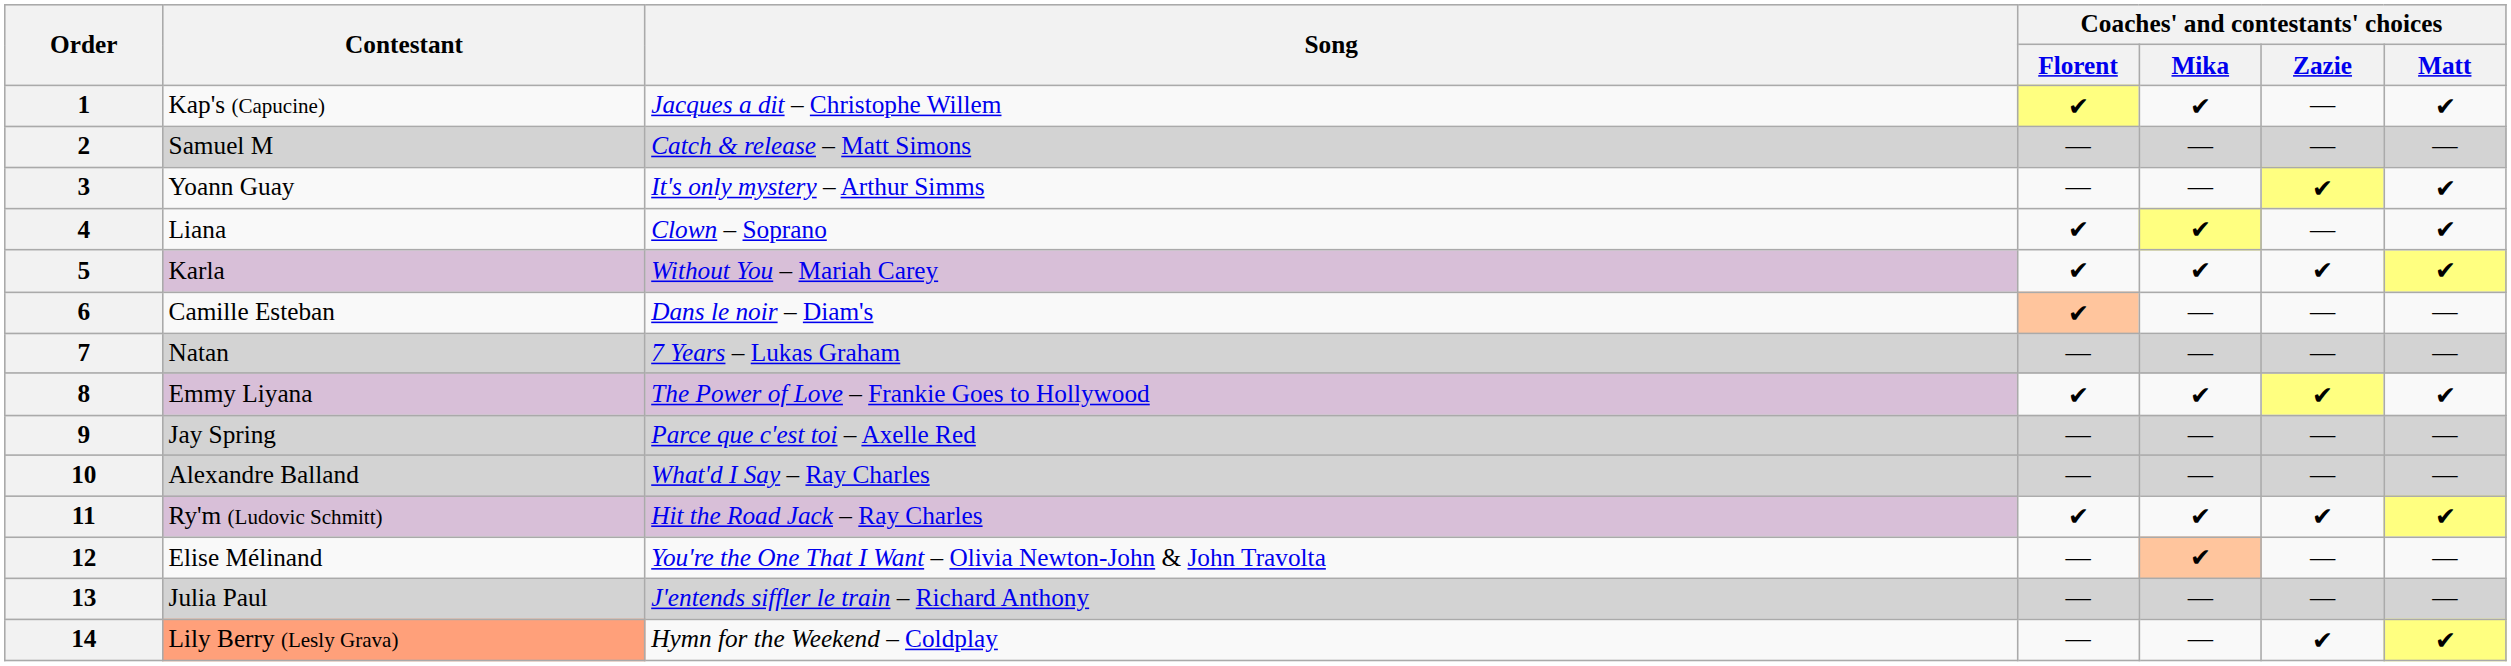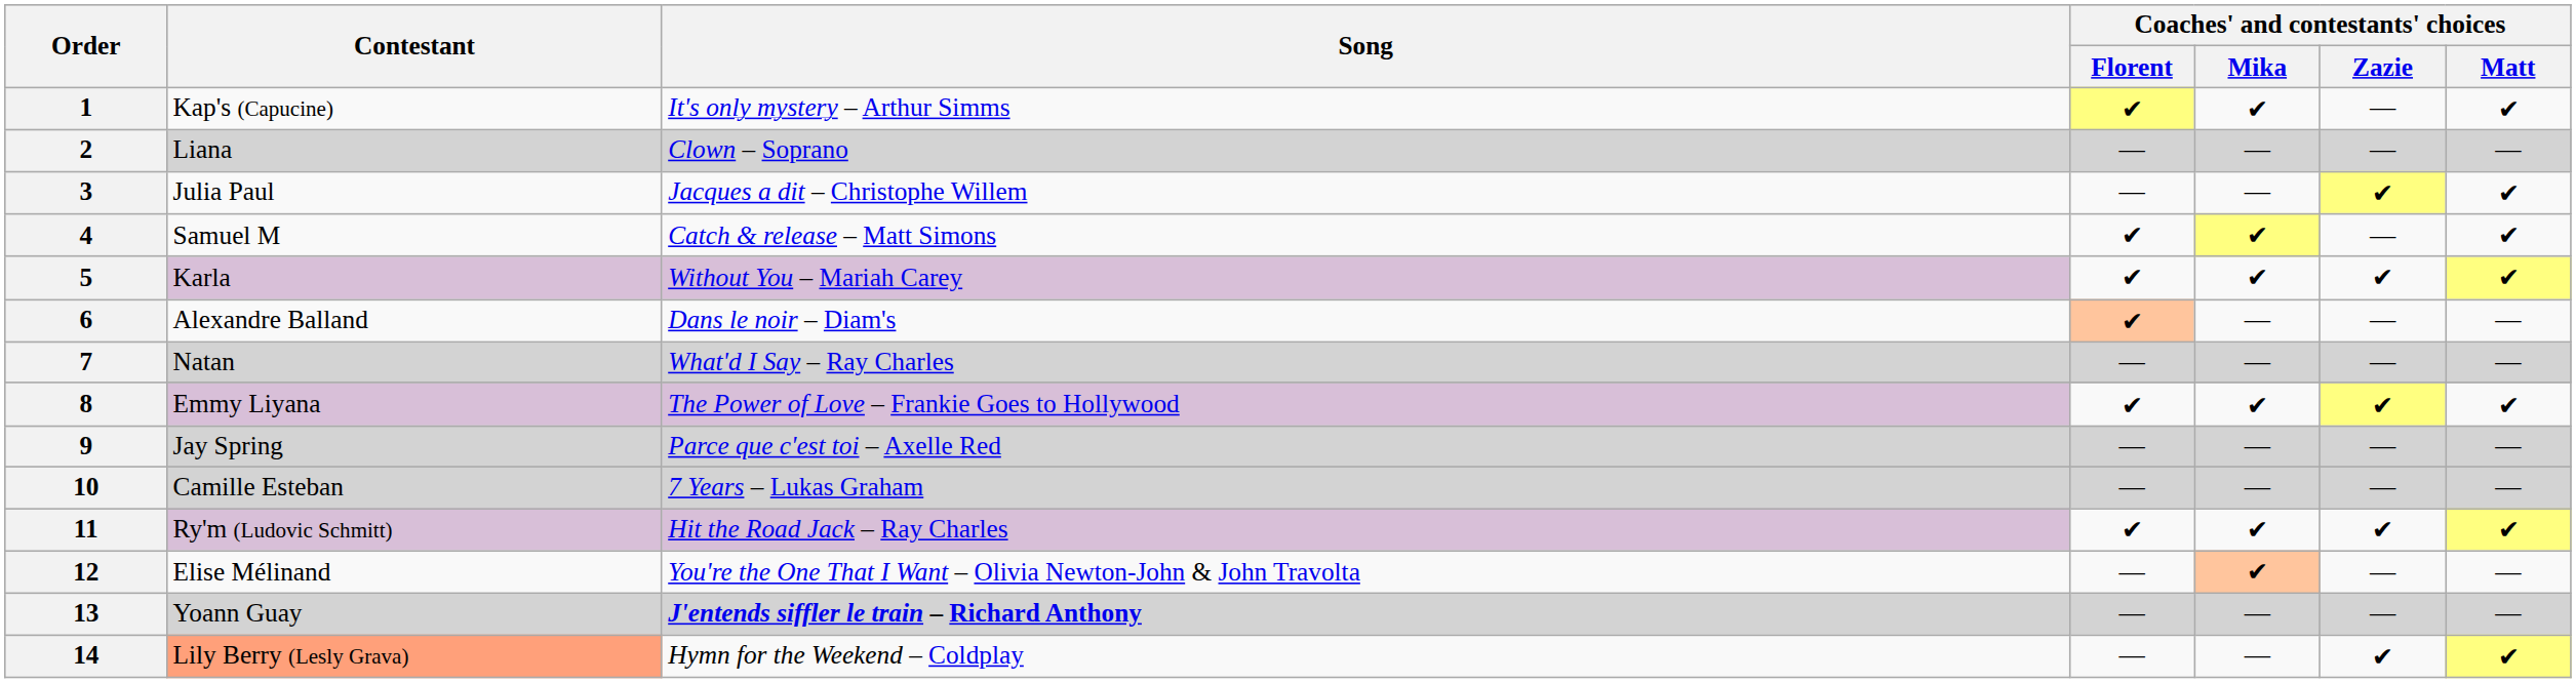 <table class="wikitable" style="width:100%;">
 <tr>
 <th scope=col rowspan="2">Order</th>
 <th scope=col rowspan="2">Contestant</th>
 <th scope=col rowspan="2">Song</th>
 <th scope=col colspan="4">Coaches' and contestants' choices</th>
 </tr>
 <tr>
 <th scope=col width="70"><a href='#'>Florent</a></th>
 <th scope=col width="70"><a href='#'>Mika</a></th>
 <th scope=col width="70"><a href='#'>Zazie</a></th>
 <th scope=col width="70"><a href='#'>Matt</a></th>
 </tr>
 <tr>
 <th scope=row>1</th>
 <td>Kap's <small>(Capucine)</small></td>
-<td><em><a href='#'>Jacques a dit</a></em> – <a href='#'>Christophe Willem</a></td>
+<td><em><a href='#'>It's only mystery</a></em> – <a href='#'>Arthur Simms</a></td>
 <td style="background:#FFFF80;text-align:center;">✔</td>
 <td style="text-align:center;">✔</td>
 <td style="text-align:center;">—</td>
 <td style="text-align:center;">✔</td>
 </tr>
 <tr style="background:lightgrey;">
 <th scope=row>2</th>
-<td>Samuel M</td>
-<td><em><a href='#'>Catch & release</a></em> – <a href='#'>Matt Simons</a></td>
+<td>Liana</td>
+<td><em><a href='#'>Clown</a></em> – <a href='#'>Soprano</a></td>
 <td style="text-align:center;">—</td>
 <td style="text-align:center;">—</td>
 <td style="text-align:center;">—</td>
 <td style="text-align:center;">—</td>
 </tr>
 <tr>
 <th scope=row>3</th>
-<td>Yoann Guay</td>
-<td><em><a href='#'>It's only mystery</a></em> – <a href='#'>Arthur Simms</a></td>
+<td>Julia Paul</td>
+<td><em><a href='#'>Jacques a dit</a></em> – <a href='#'>Christophe Willem</a></td>
 <td style="text-align:center;">—</td>
 <td style="text-align:center;">—</td>
 <td style="background:#FFFF80;text-align:center;">✔</td>
 <td style="text-align:center;">✔</td>
 </tr>
 <tr>
 <th scope=row>4</th>
-<td>Liana</td>
-<td><em><a href='#'>Clown</a></em> – <a href='#'>Soprano</a></td>
+<td>Samuel M</td>
+<td><em><a href='#'>Catch & release</a></em> – <a href='#'>Matt Simons</a></td>
 <td style="text-align:center;">✔</td>
 <td style="background:#FFFF80;text-align:center;">✔</td>
 <td style="text-align:center;">—</td>
 <td style="text-align:center;">✔</td>
 </tr>
 <tr>
 <th scope=row>5</th>
 <td style="background:thistle">Karla</td>
 <td style="background:thistle"><em><a href='#'>Without You</a></em> – <a href='#'>Mariah Carey</a></td>
 <td style="text-align:center;">✔</td>
 <td style="text-align:center;">✔</td>
 <td style="text-align:center;">✔</td>
 <td style="background:#FFFF80;text-align:center;">✔</td>
 </tr>
 <tr>
 <th scope=row>6</th>
-<td>Camille Esteban</td>
+<td>Alexandre Balland</td>
 <td><em><a href='#'>Dans le noir</a></em> – <a href='#'>Diam's</a></td>
 <td style="background:#FFC59D;text-align:center;">✔</td>
 <td style="text-align:center;">—</td>
 <td style="text-align:center;">—</td>
 <td style="text-align:center;">—</td>
 </tr>
 <tr style="background:lightgrey;">
 <th scope=row>7</th>
 <td>Natan</td>
-<td><em><a href='#'>7 Years</a></em> – <a href='#'>Lukas Graham</a></td>
+<td><em><a href='#'>What'd I Say</a></em> – <a href='#'>Ray Charles</a></td>
 <td style="text-align:center;">—</td>
 <td style="text-align:center;">—</td>
 <td style="text-align:center;">—</td>
 <td style="text-align:center;">—</td>
 </tr>
 <tr>
 <th scope=row>8</th>
 <td style="background:thistle">Emmy Liyana</td>
 <td style="background:thistle"><em><a href='#'>The Power of Love</a></em> – <a href='#'>Frankie Goes to Hollywood</a></td>
 <td style="text-align:center;">✔</td>
 <td style="text-align:center;">✔</td>
 <td style="background:#FFFF80;text-align:center;">✔</td>
 <td style="text-align:center;">✔</td>
 </tr>
 <tr style="background:lightgrey;">
 <th scope=row>9</th>
 <td>Jay Spring</td>
 <td><em><a href='#'>Parce que c'est toi</a></em> – <a href='#'>Axelle Red</a></td>
 <td style="text-align:center;">—</td>
 <td style="text-align:center;">—</td>
 <td style="text-align:center;">—</td>
 <td style="text-align:center;">—</td>
 </tr>
 <tr style="background:lightgrey;">
 <th scope=row>10</th>
-<td>Alexandre Balland</td>
-<td><em><a href='#'>What'd I Say</a></em> – <a href='#'>Ray Charles</a></td>
+<td>Camille Esteban</td>
+<td><em><a href='#'>7 Years</a></em> – <a href='#'>Lukas Graham</a></td>
 <td style="text-align:center;">—</td>
 <td style="text-align:center;">—</td>
 <td style="text-align:center;">—</td>
 <td style="text-align:center;">—</td>
 </tr>
 <tr>
 <th scope=row>11</th>
 <td style="background:thistle">Ry'm <small>(Ludovic Schmitt)</small></td>
 <td style="background:thistle"><em><a href='#'>Hit the Road Jack</a></em> – <a href='#'>Ray Charles</a></td>
 <td style="text-align:center;">✔</td>
 <td style="text-align:center;">✔</td>
 <td style="text-align:center;">✔</td>
 <td style="background:#FFFF80;text-align:center;">✔</td>
 </tr>
 <tr>
 <th scope=row>12</th>
 <td>Elise Mélinand</td>
 <td><em><a href='#'>You're the One That I Want</a></em> – <a href='#'>Olivia Newton-John</a> & <a href='#'>John Travolta</a></td>
 <td style="text-align:center;">—</td>
 <td style="background:#FFC59D;text-align:center;">✔</td>
 <td style="text-align:center;">—</td>
 <td style="text-align:center;">—</td>
 </tr>
 <tr style="background:lightgrey;">
 <th scope=row>13</th>
-<td>Julia Paul</td>
-<td><em><a href='#'>J'entends siffler le train</a></em> – <a href='#'>Richard Anthony</a></td>
+<td>Yoann Guay</td>
+<td><strong><em><a href='#'>J'entends siffler le train</a></em> – <a href='#'>Richard Anthony</a></strong></td>
 <td style="text-align:center;">—</td>
 <td style="text-align:center;">—</td>
 <td style="text-align:center;">—</td>
 <td style="text-align:center;">—</td>
 </tr>
 <tr>
 <th scope=row>14</th>
 <td style="background: lightsalmon;">Lily Berry <small>(Lesly Grava)</small></td>
 <td><em>Hymn for the Weekend</em> – <a href='#'>Coldplay</a></td>
 <td style="text-align:center;">—</td>
 <td style="text-align:center;">—</td>
 <td style="text-align:center;">✔</td>
 <td style="background:#FFFF80;text-align:center;">✔</td>
 </tr>
 </table>
